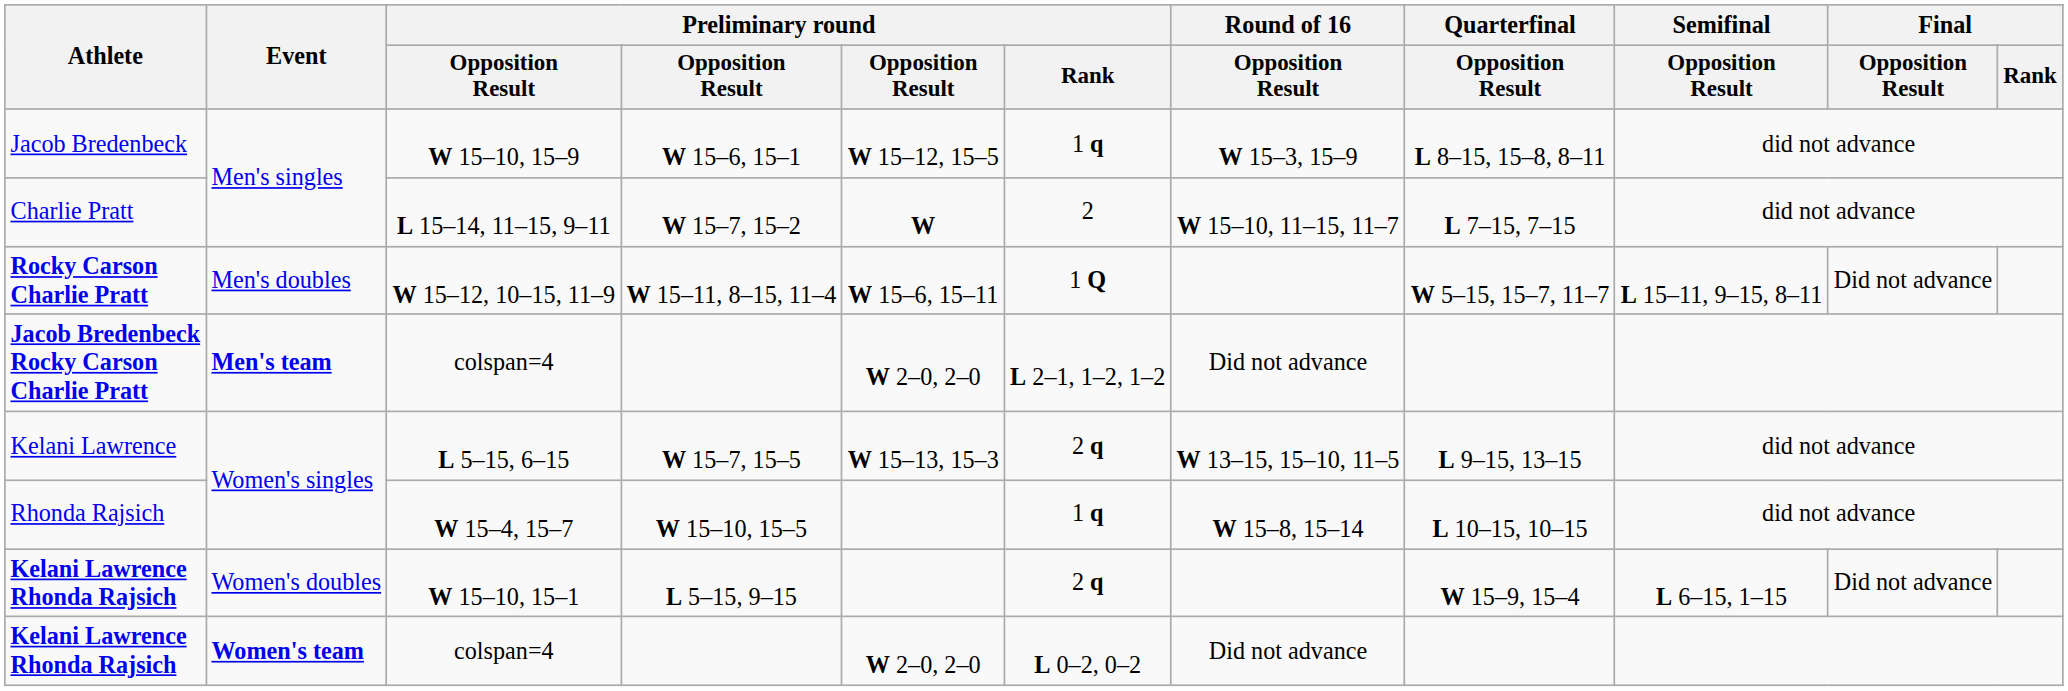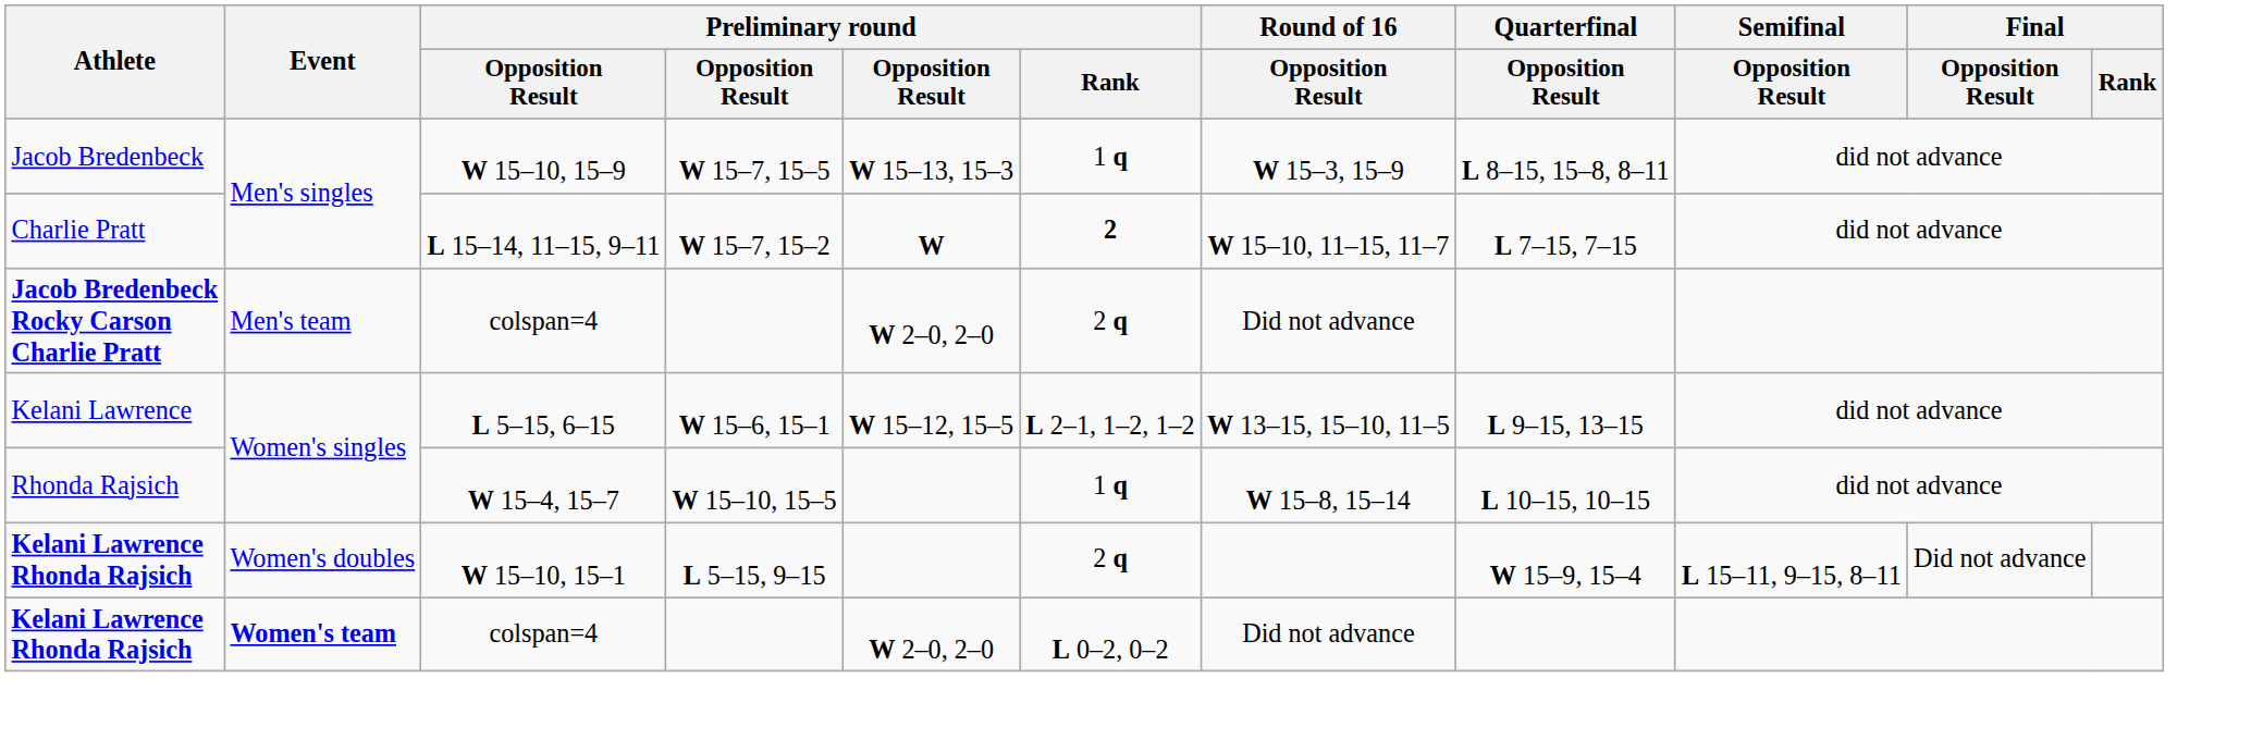 <table class=wikitable style=font-size:90%;text-align:center>
 <tr>
 <th rowspan=2>Athlete</th>
 <th rowspan=2>Event</th>
 <th colspan=4>Preliminary round</th>
 <th>Round of 16</th>
 <th>Quarterfinal</th>
 <th>Semifinal</th>
 <th colspan=2>Final</th>
 </tr>
 <tr style=font-size:95%>
 <th>Opposition<br>Result</th>
 <th>Opposition<br>Result</th>
 <th>Opposition<br>Result</th>
 <th>Rank</th>
 <th>Opposition<br>Result</th>
 <th>Opposition<br>Result</th>
 <th>Opposition<br>Result</th>
 <th>Opposition<br>Result</th>
 <th>Rank</th>
 </tr>
 <tr>
 <td align=left><a href='#'>Jacob Bredenbeck</a></td>
 <td align=left rowspan=2><a href='#'>Men's singles</a></td>
 <td><br><strong>W</strong> 15–10, 15–9</td>
-<td><br><strong>W</strong> 15–6, 15–1</td>
-<td><br><strong>W</strong> 15–12, 15–5</td>
+<td><br><strong>W</strong> 15–7, 15–5</td>
+<td><br><strong>W</strong> 15–13, 15–3</td>
 <td>1 <strong>q</strong></td>
 <td><br><strong>W</strong> 15–3, 15–9</td>
 <td><br><strong>L</strong> 8–15, 15–8, 8–11</td>
 <td colspan=3>did not advance</td>
 </tr>
 <tr>
 <td align=left><a href='#'>Charlie Pratt</a></td>
 <td><br><strong>L</strong> 15–14, 11–15, 9–11</td>
 <td><br><strong>W</strong> 15–7, 15–2</td>
 <td><br><strong>W</strong> </td>
-<td>2</td>
+<td><strong>2</strong></td>
 <td><br><strong>W</strong> 15–10, 11–15, 11–7</td>
 <td><br><strong>L</strong> 7–15, 7–15</td>
 <td colspan=3>did not advance</td>
 </tr>
 <tr>
-<td align=left><strong><a href='#'>Rocky Carson</a><br><a href='#'>Charlie Pratt</a></strong></td>
-<td align=left><a href='#'>Men's doubles</a></td>
-<td><br><strong>W</strong> 15–12, 10–15, 11–9</td>
-<td><br><strong>W</strong> 15–11, 8–15, 11–4</td>
-<td><br><strong>W</strong> 15–6, 15–11</td>
-<td>1 <strong>Q</strong></td>
-<td></td>
-<td><br><strong>W</strong> 5–15, 15–7, 11–7</td>
-<td><br><strong>L</strong> 15–11, 9–15, 8–11</td>
-<td>Did not advance</td>
-<td></td>
-</tr>
-<tr>
 <td align=left><strong><a href='#'>Jacob Bredenbeck</a><br><a href='#'>Rocky Carson</a><br><a href='#'>Charlie Pratt</a></strong></td>
-<td align=left><strong><a href='#'>Men's team</a></strong></td>
+<td align=left><a href='#'>Men's team</a></td>
 <td>colspan=4 </td>
 <td></td>
 <td><br><strong>W</strong> 2–0, 2–0</td>
-<td><br><strong>L</strong> 2–1, 1–2, 1–2</td>
+<td>2 <strong>q</strong></td>
 <td>Did not advance</td>
 <td></td>
 </tr>
 <tr>
 <td align=left><a href='#'>Kelani Lawrence</a></td>
 <td align=left rowspan=2><a href='#'>Women's singles</a></td>
 <td><br><strong>L</strong> 5–15, 6–15</td>
-<td><br><strong>W</strong> 15–7, 15–5</td>
-<td><br><strong>W</strong> 15–13, 15–3</td>
-<td>2 <strong>q</strong></td>
+<td><br><strong>W</strong> 15–6, 15–1</td>
+<td><br><strong>W</strong> 15–12, 15–5</td>
+<td><br><strong>L</strong> 2–1, 1–2, 1–2</td>
 <td><br><strong>W</strong> 13–15, 15–10, 11–5</td>
 <td><br><strong>L</strong> 9–15, 13–15</td>
 <td colspan=3>did not advance</td>
 </tr>
 <tr>
 <td align=left><a href='#'>Rhonda Rajsich</a></td>
 <td><br><strong>W</strong> 15–4, 15–7</td>
 <td><br><strong>W</strong> 15–10, 15–5</td>
 <td></td>
 <td>1 <strong>q</strong></td>
 <td><br><strong>W</strong> 15–8, 15–14</td>
 <td><br><strong>L</strong> 10–15, 10–15</td>
 <td colspan=3>did not advance</td>
 </tr>
 <tr>
 <td align=left><strong><a href='#'>Kelani Lawrence</a><br><a href='#'>Rhonda Rajsich</a></strong></td>
 <td align=left><a href='#'>Women's doubles</a></td>
 <td><br><strong>W</strong> 15–10, 15–1</td>
 <td><br><strong>L</strong> 5–15, 9–15</td>
 <td></td>
 <td>2 <strong>q</strong></td>
 <td></td>
 <td><br><strong>W</strong> 15–9, 15–4</td>
-<td><br><strong>L</strong> 6–15, 1–15</td>
+<td><br><strong>L</strong> 15–11, 9–15, 8–11</td>
 <td>Did not advance</td>
 <td></td>
 </tr>
 <tr>
 <td align=left><strong><a href='#'>Kelani Lawrence</a><br><a href='#'>Rhonda Rajsich</a></strong></td>
 <td align=left><strong><a href='#'>Women's team</a></strong></td>
 <td>colspan=4 </td>
 <td></td>
 <td><br><strong>W</strong> 2–0, 2–0</td>
 <td><br><strong>L</strong> 0–2, 0–2</td>
 <td>Did not advance</td>
 <td></td>
 </tr>
 </table>
